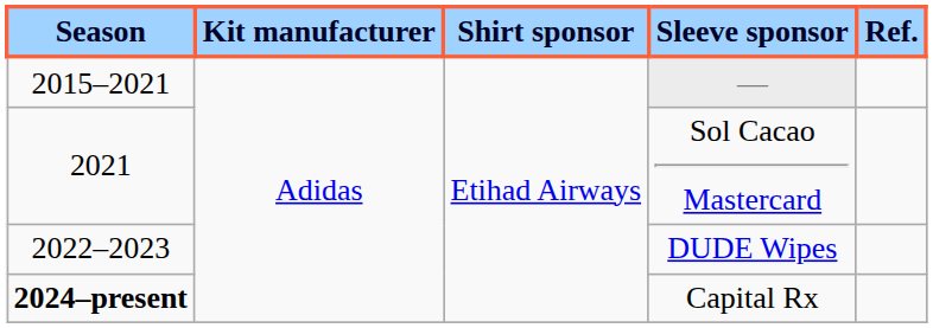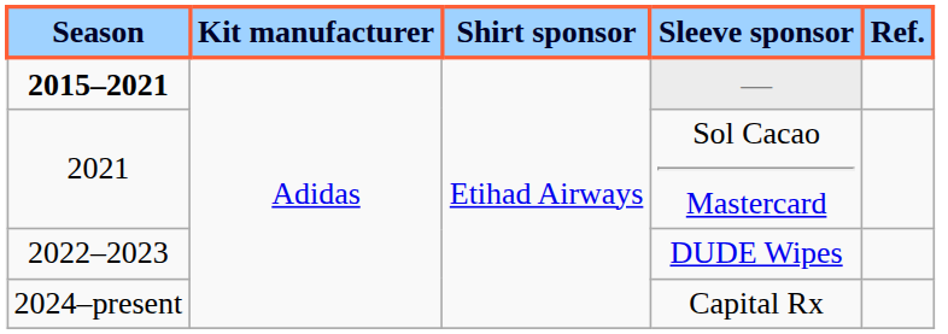 <table class="wikitable" style="text-align:center;">
 <tr>
 <th style="background:#9fd2ff; color:#000229; border:2px solid #FF5E36;">Season</th>
 <th style="background:#9fd2ff; color:#000229; border:2px solid #FF5E36;">Kit manufacturer</th>
 <th style="background:#9fd2ff; color:#000229; border:2px solid #FF5E36;">Shirt sponsor</th>
 <th style="background:#9fd2ff; color:#000229; border:2px solid #FF5E36;">Sleeve sponsor</th>
 <th style="background:#9fd2ff; color:#000229; border:2px solid #FF5E36;">Ref.</th>
 </tr>
 <tr>
-<td>2015–2021</td>
+<td><strong>2015–2021</strong></td>
 <td rowspan=4><a href='#'>Adidas</a></td>
 <td rowspan=4><a href='#'>Etihad Airways</a></td>
 <td align="center" colspan="1" style="background:#ececec; color:gray">—</td>
 <td></td>
 </tr>
 <tr>
 <td>2021</td>
 <td>Sol Cacao <hr> <a href='#'>Mastercard</a></td>
 <td></td>
 </tr>
 <tr>
 <td>2022–2023</td>
 <td><a href='#'>DUDE Wipes</a></td>
 <td></td>
 </tr>
 <tr>
-<td><strong>2024–present</strong></td>
+<td>2024–present</td>
 <td>Capital Rx</td>
 <td></td>
 </tr>
 </table>
